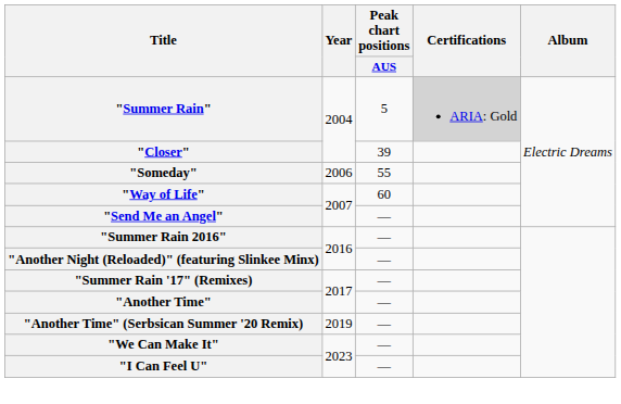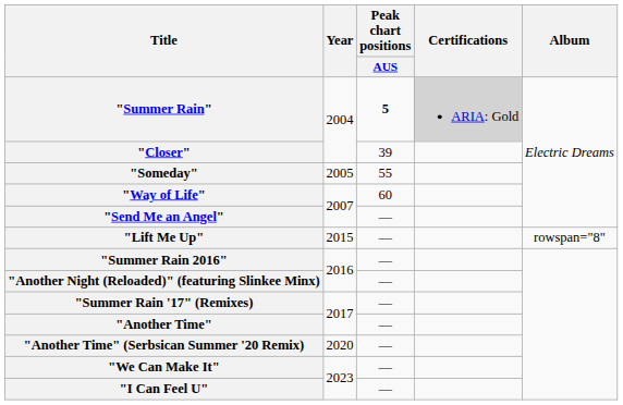 <table class="wikitable plainrowheaders" style="text-align:center;">
 <tr>
 <th rowspan="2">Title</th>
 <th rowspan="2">Year</th>
 <th colspan="1">Peak chart positions</th>
 <th rowspan="2">Certifications</th>
 <th rowspan="2">Album</th>
 </tr>
 <tr>
 <th scope="col" style="width:3em; font-size:90%"><a href='#'>AUS</a><br></th>
 </tr>
 <tr>
 <th scope="row">"<a href='#'>Summer Rain</a>"</th>
 <td rowspan="2">2004</td>
-<td>5</td>
+<td><strong>5</strong></td>
 <td style="background: lightgrey;"><br><ul><li><a href='#'>ARIA</a>: Gold</li></ul></td>
 <td rowspan="5"><em>Electric Dreams</em></td>
 </tr>
 <tr>
 <th scope="row">"<a href='#'>Closer</a>"</th>
 <td>39</td>
 <td></td>
 </tr>
 <tr>
 <th scope="row">"Someday"</th>
-<td>2006</td>
+<td>2005</td>
 <td>55</td>
 <td></td>
 </tr>
 <tr>
 <th scope="row">"<a href='#'>Way of Life</a>"</th>
 <td rowspan="2">2007</td>
 <td>60</td>
 <td></td>
 </tr>
 <tr>
 <th scope="row">"<a href='#'>Send Me an Angel</a>"</th>
 <td>—</td>
 <td></td>
+</tr>
+<tr>
+<th scope="row">"Lift Me Up"</th>
+<td>2015</td>
+<td>—</td>
+<td></td>
+<td>rowspan="8" </td>
 </tr>
 <tr>
 <th scope="row">"Summer Rain 2016"</th>
 <td rowspan="2">2016</td>
 <td>—</td>
 <td></td>
 </tr>
 <tr>
 <th scope="row">"Another Night (Reloaded)" (featuring Slinkee Minx)</th>
 <td>—</td>
 <td></td>
 </tr>
 <tr>
 <th scope="row">"Summer Rain '17" (Remixes)</th>
 <td rowspan="2">2017</td>
 <td>—</td>
 <td></td>
 </tr>
 <tr>
 <th scope="row">"Another Time"</th>
 <td>—</td>
 <td></td>
 </tr>
 <tr>
 <th scope="row">"Another Time" (Serbsican Summer '20 Remix)</th>
-<td>2019</td>
+<td>2020</td>
 <td>—</td>
 <td></td>
 </tr>
 <tr>
 <th scope="row">"We Can Make It"</th>
 <td rowspan="2">2023</td>
 <td>—</td>
 <td></td>
 </tr>
 <tr>
 <th scope="row">"I Can Feel U"</th>
 <td>—</td>
 <td></td>
 </tr>
 </table>
